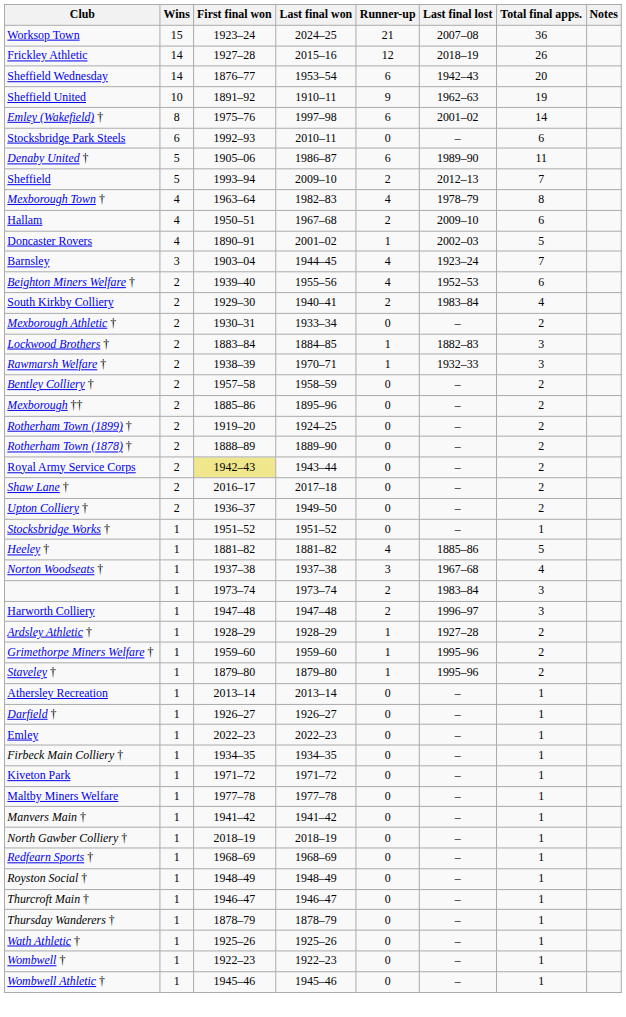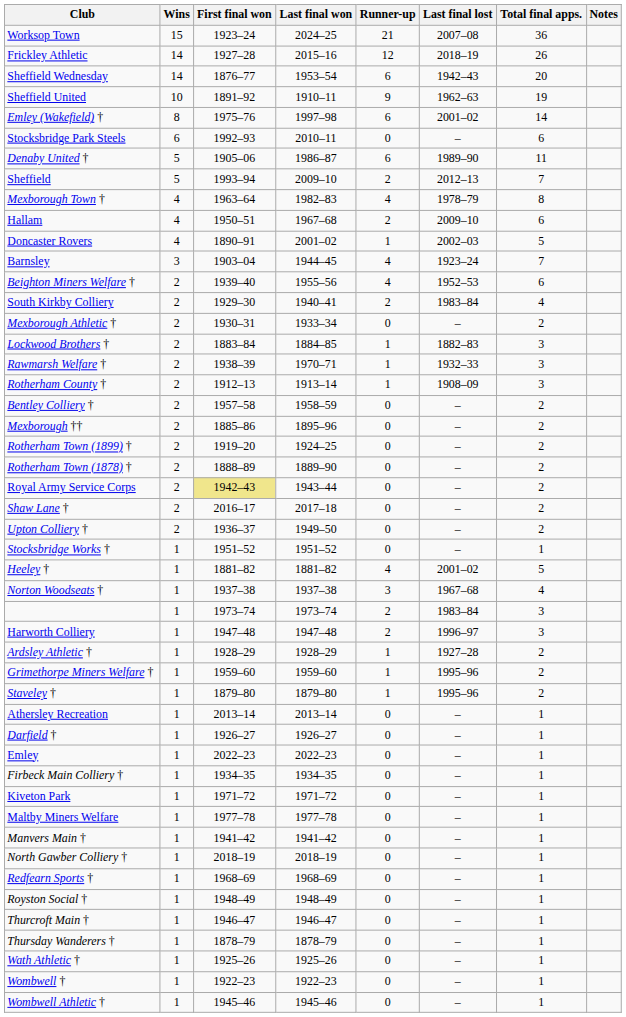 <table class="wikitable sortable" style="text-align: center; width: 100%; font-size: 12px">
 <tr>
 <th>Club</th>
 <th>Wins</th>
 <th>First final won</th>
 <th>Last final won</th>
 <th>Runner-up</th>
 <th>Last final lost</th>
 <th>Total final apps.</th>
 <th>Notes</th>
 </tr>
 <tr>
 <td style="text-align: left"><a href='#'>Worksop Town</a></td>
 <td>15</td>
 <td>1923–24</td>
 <td>2024–25</td>
 <td>21</td>
 <td>2007–08</td>
 <td>36</td>
 <td></td>
 </tr>
 <tr>
 <td style="text-align: left"><a href='#'>Frickley Athletic</a></td>
 <td>14</td>
 <td>1927–28</td>
 <td>2015–16</td>
 <td>12</td>
 <td>2018–19</td>
 <td>26</td>
 <td></td>
 </tr>
 <tr>
 <td style="text-align: left"><a href='#'>Sheffield Wednesday</a></td>
 <td>14</td>
 <td>1876–77</td>
 <td>1953–54</td>
 <td>6</td>
 <td>1942–43</td>
 <td>20</td>
 <td></td>
 </tr>
 <tr>
 <td style="text-align: left"><a href='#'>Sheffield United</a></td>
 <td>10</td>
 <td>1891–92</td>
 <td>1910–11</td>
 <td>9</td>
 <td>1962–63</td>
 <td>19</td>
 <td></td>
 </tr>
 <tr>
 <td style="text-align: left"><em><a href='#'>Emley (Wakefield)</a></em> †</td>
 <td>8</td>
 <td>1975–76</td>
 <td>1997–98</td>
 <td>6</td>
 <td>2001–02</td>
 <td>14</td>
 <td></td>
 </tr>
 <tr>
 <td style="text-align: left"><a href='#'>Stocksbridge Park Steels</a></td>
 <td>6</td>
 <td>1992–93</td>
 <td>2010–11</td>
 <td>0</td>
 <td>–</td>
 <td>6</td>
 <td></td>
 </tr>
 <tr>
 <td style="text-align: left"><em><a href='#'>Denaby United</a></em> †</td>
 <td>5</td>
 <td>1905–06</td>
 <td>1986–87</td>
 <td>6</td>
 <td>1989–90</td>
 <td>11</td>
 <td></td>
 </tr>
 <tr>
 <td style="text-align: left"><a href='#'>Sheffield</a></td>
 <td>5</td>
 <td>1993–94</td>
 <td>2009–10</td>
 <td>2</td>
 <td>2012–13</td>
 <td>7</td>
 <td></td>
 </tr>
 <tr>
 <td style="text-align: left"><em><a href='#'>Mexborough Town</a></em> †</td>
 <td>4</td>
 <td>1963–64</td>
 <td>1982–83</td>
 <td>4</td>
 <td>1978–79</td>
 <td>8</td>
 <td></td>
 </tr>
 <tr>
 <td style="text-align: left"><a href='#'>Hallam</a></td>
 <td>4</td>
 <td>1950–51</td>
 <td>1967–68</td>
 <td>2</td>
 <td>2009–10</td>
 <td>6</td>
 <td></td>
 </tr>
 <tr>
 <td style="text-align: left"><a href='#'>Doncaster Rovers</a></td>
 <td>4</td>
 <td>1890–91</td>
 <td>2001–02</td>
 <td>1</td>
 <td>2002–03</td>
 <td>5</td>
 <td></td>
 </tr>
 <tr>
 <td style="text-align: left"><a href='#'>Barnsley</a></td>
 <td>3</td>
 <td>1903–04</td>
 <td>1944–45</td>
 <td>4</td>
 <td>1923–24</td>
 <td>7</td>
 <td></td>
 </tr>
 <tr>
 <td style="text-align: left"><em><a href='#'>Beighton Miners Welfare</a></em> †</td>
 <td>2</td>
 <td>1939–40</td>
 <td>1955–56</td>
 <td>4</td>
 <td>1952–53</td>
 <td>6</td>
 <td></td>
 </tr>
 <tr>
 <td style="text-align: left"><a href='#'>South Kirkby Colliery</a></td>
 <td>2</td>
 <td>1929–30</td>
 <td>1940–41</td>
 <td>2</td>
 <td>1983–84</td>
 <td>4</td>
 <td></td>
 </tr>
 <tr>
 <td style="text-align: left"><em><a href='#'>Mexborough Athletic</a></em> †</td>
 <td>2</td>
 <td>1930–31</td>
 <td>1933–34</td>
 <td>0</td>
 <td>–</td>
 <td>2</td>
 <td></td>
 </tr>
 <tr>
 <td style="text-align: left"><em><a href='#'>Lockwood Brothers</a></em> †</td>
 <td>2</td>
 <td>1883–84</td>
 <td>1884–85</td>
 <td>1</td>
 <td>1882–83</td>
 <td>3</td>
 <td></td>
 </tr>
 <tr>
 <td style="text-align: left"><em><a href='#'>Rawmarsh Welfare</a></em> †</td>
 <td>2</td>
 <td>1938–39</td>
 <td>1970–71</td>
 <td>1</td>
 <td>1932–33</td>
 <td>3</td>
 <td></td>
 </tr>
 <tr>
+<td style="text-align: left"><em><a href='#'>Rotherham County</a></em> †</td>
+<td>2</td>
+<td>1912–13</td>
+<td>1913–14</td>
+<td>1</td>
+<td>1908–09</td>
+<td>3</td>
+<td></td>
+</tr>
+<tr>
 <td style="text-align: left"><em><a href='#'>Bentley Colliery</a></em> †</td>
 <td>2</td>
 <td>1957–58</td>
 <td>1958–59</td>
 <td>0</td>
 <td>–</td>
 <td>2</td>
 <td></td>
 </tr>
 <tr>
 <td style="text-align: left"><em><a href='#'>Mexborough</a></em> ††</td>
 <td>2</td>
 <td>1885–86</td>
 <td>1895–96</td>
 <td>0</td>
 <td>–</td>
 <td>2</td>
 <td></td>
 </tr>
 <tr>
 <td style="text-align: left"><em><a href='#'>Rotherham Town (1899)</a></em> †</td>
 <td>2</td>
 <td>1919–20</td>
 <td>1924–25</td>
 <td>0</td>
 <td>–</td>
 <td>2</td>
 <td></td>
 </tr>
 <tr>
 <td style="text-align: left"><em><a href='#'>Rotherham Town (1878)</a></em> †</td>
 <td>2</td>
 <td>1888–89</td>
 <td>1889–90</td>
 <td>0</td>
 <td>–</td>
 <td>2</td>
 <td></td>
 </tr>
 <tr>
 <td style="text-align: left"><a href='#'>Royal Army Service Corps</a></td>
 <td>2</td>
 <td style="background: khaki;">1942–43</td>
 <td>1943–44</td>
 <td>0</td>
 <td>–</td>
 <td>2</td>
 <td></td>
 </tr>
 <tr>
 <td style="text-align: left"><em><a href='#'>Shaw Lane</a></em> †</td>
 <td>2</td>
 <td>2016–17</td>
 <td>2017–18</td>
 <td>0</td>
 <td>–</td>
 <td>2</td>
 <td></td>
 </tr>
 <tr>
 <td style="text-align: left"><em><a href='#'>Upton Colliery</a></em> †</td>
 <td>2</td>
 <td>1936–37</td>
 <td>1949–50</td>
 <td>0</td>
 <td>–</td>
 <td>2</td>
 <td></td>
 </tr>
 <tr>
 <td style="text-align: left"><em><a href='#'>Stocksbridge Works</a></em> †</td>
 <td>1</td>
 <td>1951–52</td>
 <td>1951–52</td>
 <td>0</td>
 <td>–</td>
 <td>1</td>
 <td></td>
 </tr>
 <tr>
 <td style="text-align: left"><em><a href='#'>Heeley</a></em> †</td>
 <td>1</td>
 <td>1881–82</td>
 <td>1881–82</td>
 <td>4</td>
-<td>1885–86</td>
+<td>2001–02</td>
 <td>5</td>
 <td></td>
 </tr>
 <tr>
 <td style="text-align: left"><em><a href='#'>Norton Woodseats</a></em> †</td>
 <td>1</td>
 <td>1937–38</td>
 <td>1937–38</td>
 <td>3</td>
 <td>1967–68</td>
 <td>4</td>
 <td></td>
 </tr>
 <tr>
 <td style="text-align: left"></td>
 <td>1</td>
 <td>1973–74</td>
 <td>1973–74</td>
 <td>2</td>
 <td>1983–84</td>
 <td>3</td>
 <td></td>
 </tr>
 <tr>
 <td style="text-align: left"><a href='#'>Harworth Colliery</a></td>
 <td>1</td>
 <td>1947–48</td>
 <td>1947–48</td>
 <td>2</td>
 <td>1996–97</td>
 <td>3</td>
 <td></td>
 </tr>
 <tr>
 <td style="text-align: left"><em><a href='#'>Ardsley Athletic</a></em> †</td>
 <td>1</td>
 <td>1928–29</td>
 <td>1928–29</td>
 <td>1</td>
 <td>1927–28</td>
 <td>2</td>
 <td></td>
 </tr>
 <tr>
 <td style="text-align: left"><em><a href='#'>Grimethorpe Miners Welfare</a></em> †</td>
 <td>1</td>
 <td>1959–60</td>
 <td>1959–60</td>
 <td>1</td>
 <td>1995–96</td>
 <td>2</td>
 <td></td>
 </tr>
 <tr>
 <td style="text-align: left"><em><a href='#'>Staveley</a></em> †</td>
 <td>1</td>
 <td>1879–80</td>
 <td>1879–80</td>
 <td>1</td>
 <td>1995–96</td>
 <td>2</td>
 <td></td>
 </tr>
 <tr>
 <td style="text-align: left"><a href='#'>Athersley Recreation</a></td>
 <td>1</td>
 <td>2013–14</td>
 <td>2013–14</td>
 <td>0</td>
 <td>–</td>
 <td>1</td>
 <td></td>
 </tr>
 <tr>
 <td style="text-align: left"><em><a href='#'>Darfield</a></em> †</td>
 <td>1</td>
 <td>1926–27</td>
 <td>1926–27</td>
 <td>0</td>
 <td>–</td>
 <td>1</td>
 <td></td>
 </tr>
 <tr>
 <td style="text-align: left"><a href='#'>Emley</a></td>
 <td>1</td>
 <td>2022–23</td>
 <td>2022–23</td>
 <td>0</td>
 <td>–</td>
 <td>1</td>
 <td></td>
 </tr>
 <tr>
 <td style="text-align: left"><em>Firbeck Main Colliery</em> †</td>
 <td>1</td>
 <td>1934–35</td>
 <td>1934–35</td>
 <td>0</td>
 <td>–</td>
 <td>1</td>
 <td></td>
 </tr>
 <tr>
 <td style="text-align: left"><a href='#'>Kiveton Park</a></td>
 <td>1</td>
 <td>1971–72</td>
 <td>1971–72</td>
 <td>0</td>
 <td>–</td>
 <td>1</td>
 <td></td>
 </tr>
 <tr>
 <td style="text-align: left"><a href='#'>Maltby Miners Welfare</a></td>
 <td>1</td>
 <td>1977–78</td>
 <td>1977–78</td>
 <td>0</td>
 <td>–</td>
 <td>1</td>
 <td></td>
 </tr>
 <tr>
 <td style="text-align: left"><em>Manvers Main</em> †</td>
 <td>1</td>
 <td>1941–42</td>
 <td>1941–42</td>
 <td>0</td>
 <td>–</td>
 <td>1</td>
 <td></td>
 </tr>
 <tr>
 <td style="text-align: left"><em>North Gawber Colliery</em> †</td>
 <td>1</td>
 <td>2018–19</td>
 <td>2018–19</td>
 <td>0</td>
 <td>–</td>
 <td>1</td>
 <td></td>
 </tr>
 <tr>
 <td style="text-align: left"><em><a href='#'>Redfearn Sports</a></em> †</td>
 <td>1</td>
 <td>1968–69</td>
 <td>1968–69</td>
 <td>0</td>
 <td>–</td>
 <td>1</td>
 <td></td>
 </tr>
 <tr>
 <td style="text-align: left"><em>Royston Social</em> †</td>
 <td>1</td>
 <td>1948–49</td>
 <td>1948–49</td>
 <td>0</td>
 <td>–</td>
 <td>1</td>
 <td></td>
 </tr>
 <tr>
 <td style="text-align: left"><em>Thurcroft Main</em> †</td>
 <td>1</td>
 <td>1946–47</td>
 <td>1946–47</td>
 <td>0</td>
 <td>–</td>
 <td>1</td>
 <td></td>
 </tr>
 <tr>
 <td style="text-align: left"><em>Thursday Wanderers</em> †</td>
 <td>1</td>
 <td>1878–79</td>
 <td>1878–79</td>
 <td>0</td>
 <td>–</td>
 <td>1</td>
 <td></td>
 </tr>
 <tr>
 <td style="text-align: left"><em><a href='#'>Wath Athletic</a></em> †</td>
 <td>1</td>
 <td>1925–26</td>
 <td>1925–26</td>
 <td>0</td>
 <td>–</td>
 <td>1</td>
 <td></td>
 </tr>
 <tr>
 <td style="text-align: left"><em><a href='#'>Wombwell</a></em> †</td>
 <td>1</td>
 <td>1922–23</td>
 <td>1922–23</td>
 <td>0</td>
 <td>–</td>
 <td>1</td>
 <td></td>
 </tr>
 <tr>
 <td style="text-align: left"><em><a href='#'>Wombwell Athletic</a></em> †</td>
 <td>1</td>
 <td>1945–46</td>
 <td>1945–46</td>
 <td>0</td>
 <td>–</td>
 <td>1</td>
 <td></td>
 </tr>
 </table>
